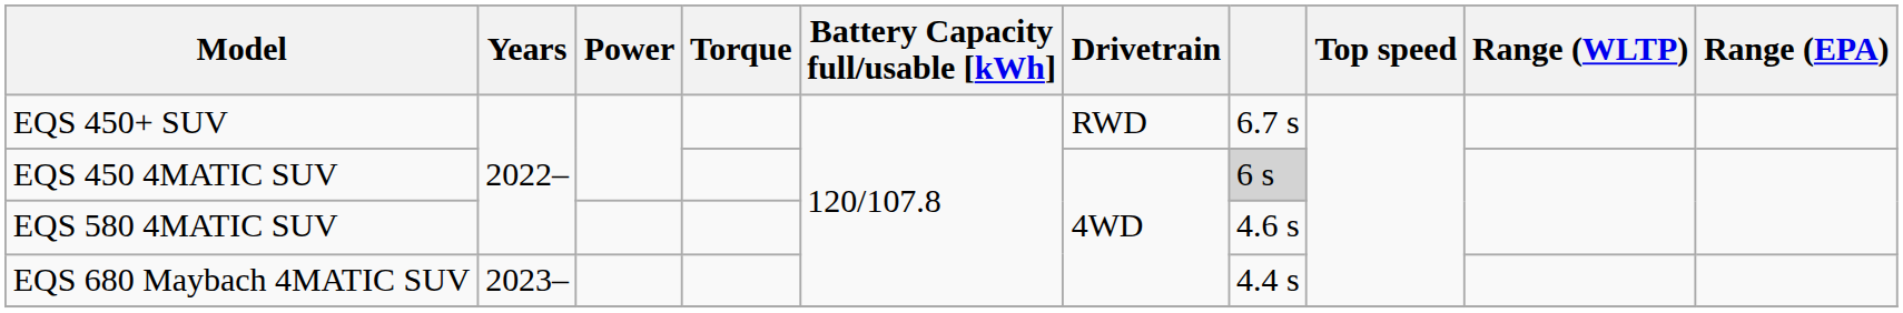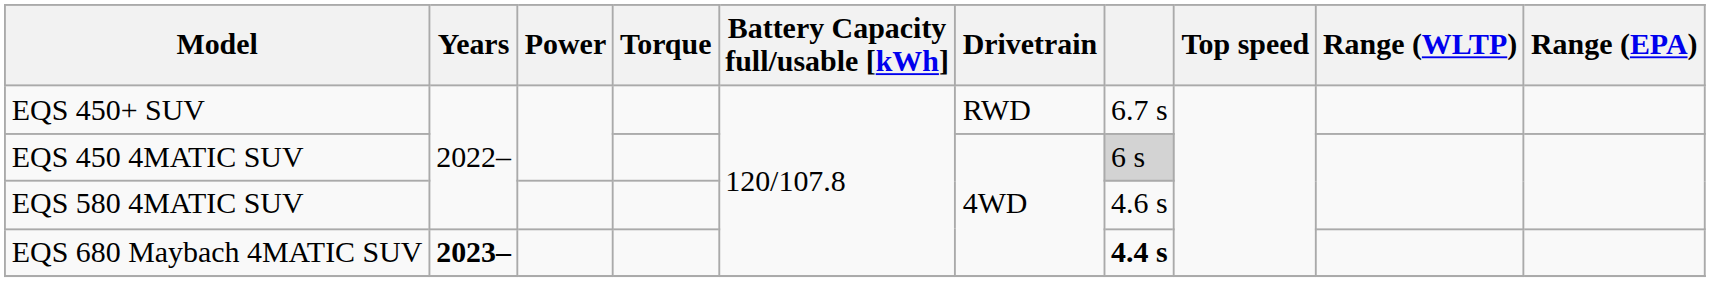 <table class="wikitable sortable">
 <tr>
 <th>Model</th>
 <th>Years</th>
 <th>Power</th>
 <th>Torque</th>
 <th>Battery Capacity<br>full/usable [<a href='#'>kWh</a>]</th>
 <th>Drivetrain</th>
 <th></th>
 <th>Top speed</th>
 <th> Range (<a href='#'>WLTP</a>)</th>
 <th>Range (<a href='#'>EPA</a>)</th>
 </tr>
 <tr>
 <td>EQS 450+ SUV</td>
 <td rowspan="3">2022–</td>
 <td rowspan="2"></td>
 <td></td>
 <td rowspan="4">120/107.8</td>
 <td>RWD</td>
 <td>6.7 s</td>
 <td rowspan=4></td>
 <td></td>
 <td></td>
 </tr>
 <tr>
 <td>EQS 450 4MATIC SUV</td>
 <td></td>
 <td rowspan="3">4WD</td>
 <td style="background: lightgrey;">6 s</td>
 <td rowspan="2"></td>
 <td rowspan="2"></td>
 </tr>
 <tr>
 <td>EQS 580 4MATIC SUV</td>
 <td></td>
 <td></td>
 <td>4.6 s</td>
 </tr>
 <tr>
 <td>EQS 680 Maybach 4MATIC SUV</td>
-<td>2023–</td>
+<td><strong>2023–</strong></td>
 <td></td>
 <td></td>
-<td>4.4 s</td>
+<td><strong>4.4 s</strong></td>
 <td></td>
 <td></td>
 </tr>
 <tr>
 </tr>
 </table>
